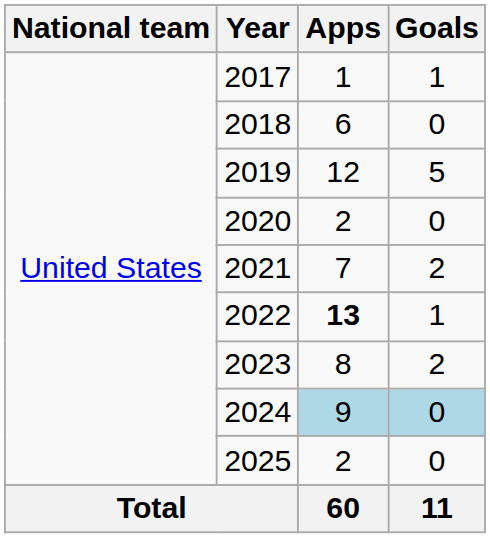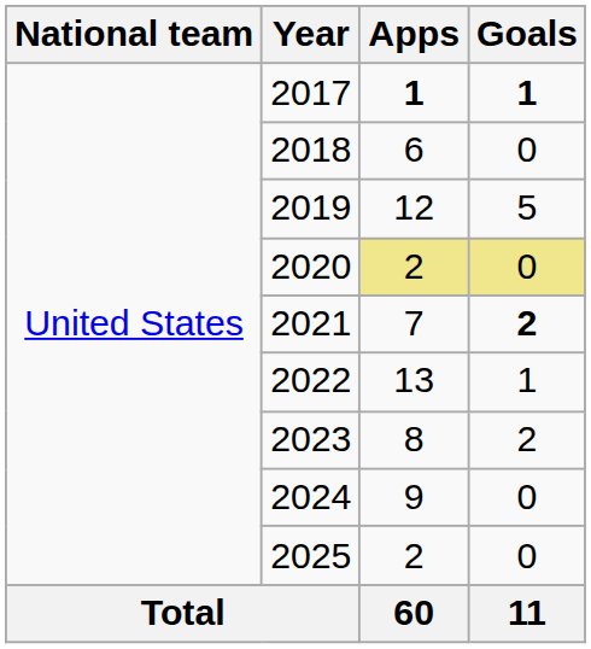 <table class="wikitable" style="text-align:center">
 <tr>
 <th>National team</th>
 <th>Year</th>
 <th>Apps</th>
 <th>Goals</th>
 </tr>
 <tr>
 <td rowspan="9"><a href='#'>United States</a></td>
 <td>2017</td>
-<td>1</td>
-<td>1</td>
+<td><strong>1</strong></td>
+<td><strong>1</strong></td>
 </tr>
 <tr>
 <td>2018</td>
 <td>6</td>
 <td>0</td>
 </tr>
 <tr>
 <td>2019</td>
 <td>12</td>
 <td>5</td>
 </tr>
 <tr>
 <td>2020</td>
-<td>2</td>
-<td>0</td>
+<td style="background: khaki;">2</td>
+<td style="background: khaki;">0</td>
 </tr>
 <tr>
 <td>2021</td>
 <td>7</td>
-<td>2</td>
+<td><strong>2</strong></td>
 </tr>
 <tr>
 <td>2022</td>
-<td><strong>13</strong></td>
+<td>13</td>
 <td>1</td>
 </tr>
 <tr>
 <td>2023</td>
 <td>8</td>
 <td>2</td>
 </tr>
 <tr>
 <td>2024</td>
-<td style="background: lightblue;">9</td>
-<td style="background: lightblue;">0</td>
+<td>9</td>
+<td>0</td>
 </tr>
 <tr>
 <td>2025</td>
 <td>2</td>
 <td>0</td>
 </tr>
 <tr>
 <th colspan="2">Total</th>
 <th>60</th>
 <th>11</th>
 </tr>
 </table>
